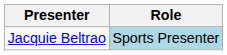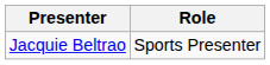 <table class="wikitable">
 <tr>
 <th>Presenter</th>
 <th>Role</th>
 </tr>
 <tr>
 <td><a href='#'>Jacquie Beltrao</a></td>
-<td style="background: lightblue;">Sports Presenter</td>
+<td>Sports Presenter</td>
 </tr>
 </table>
